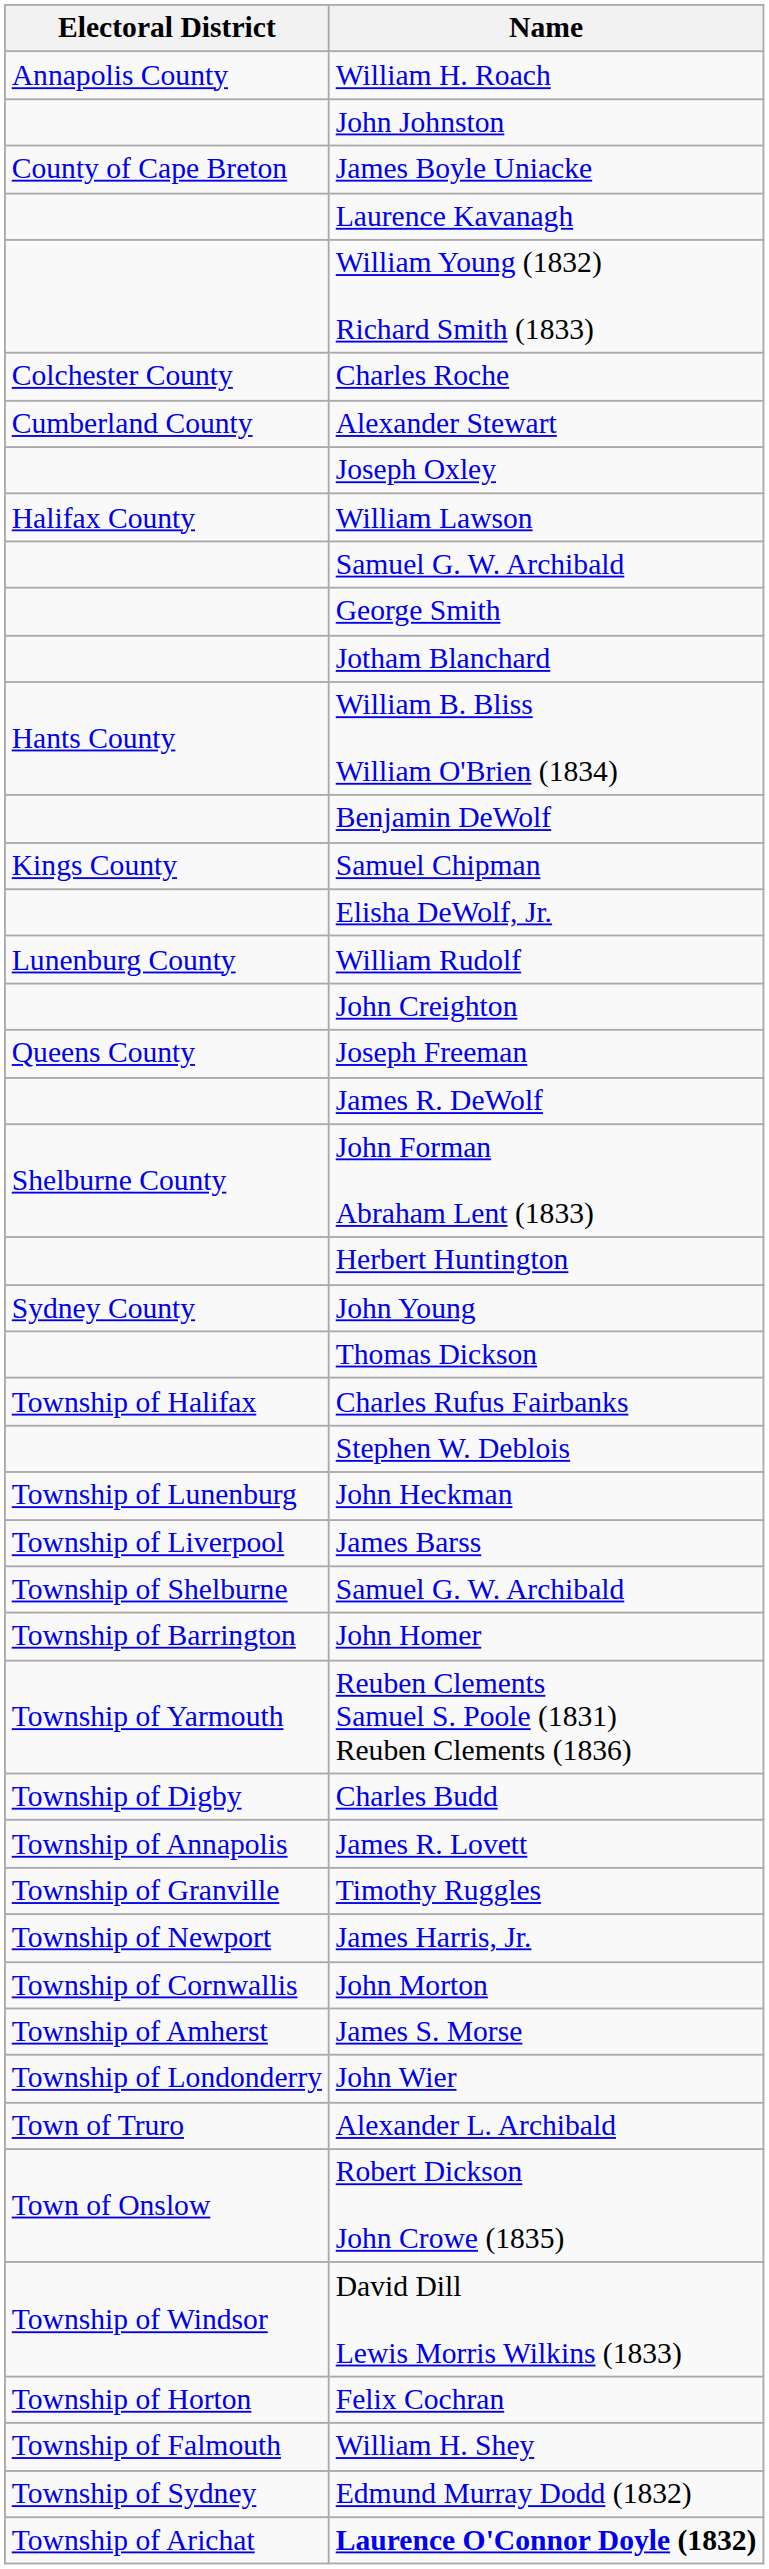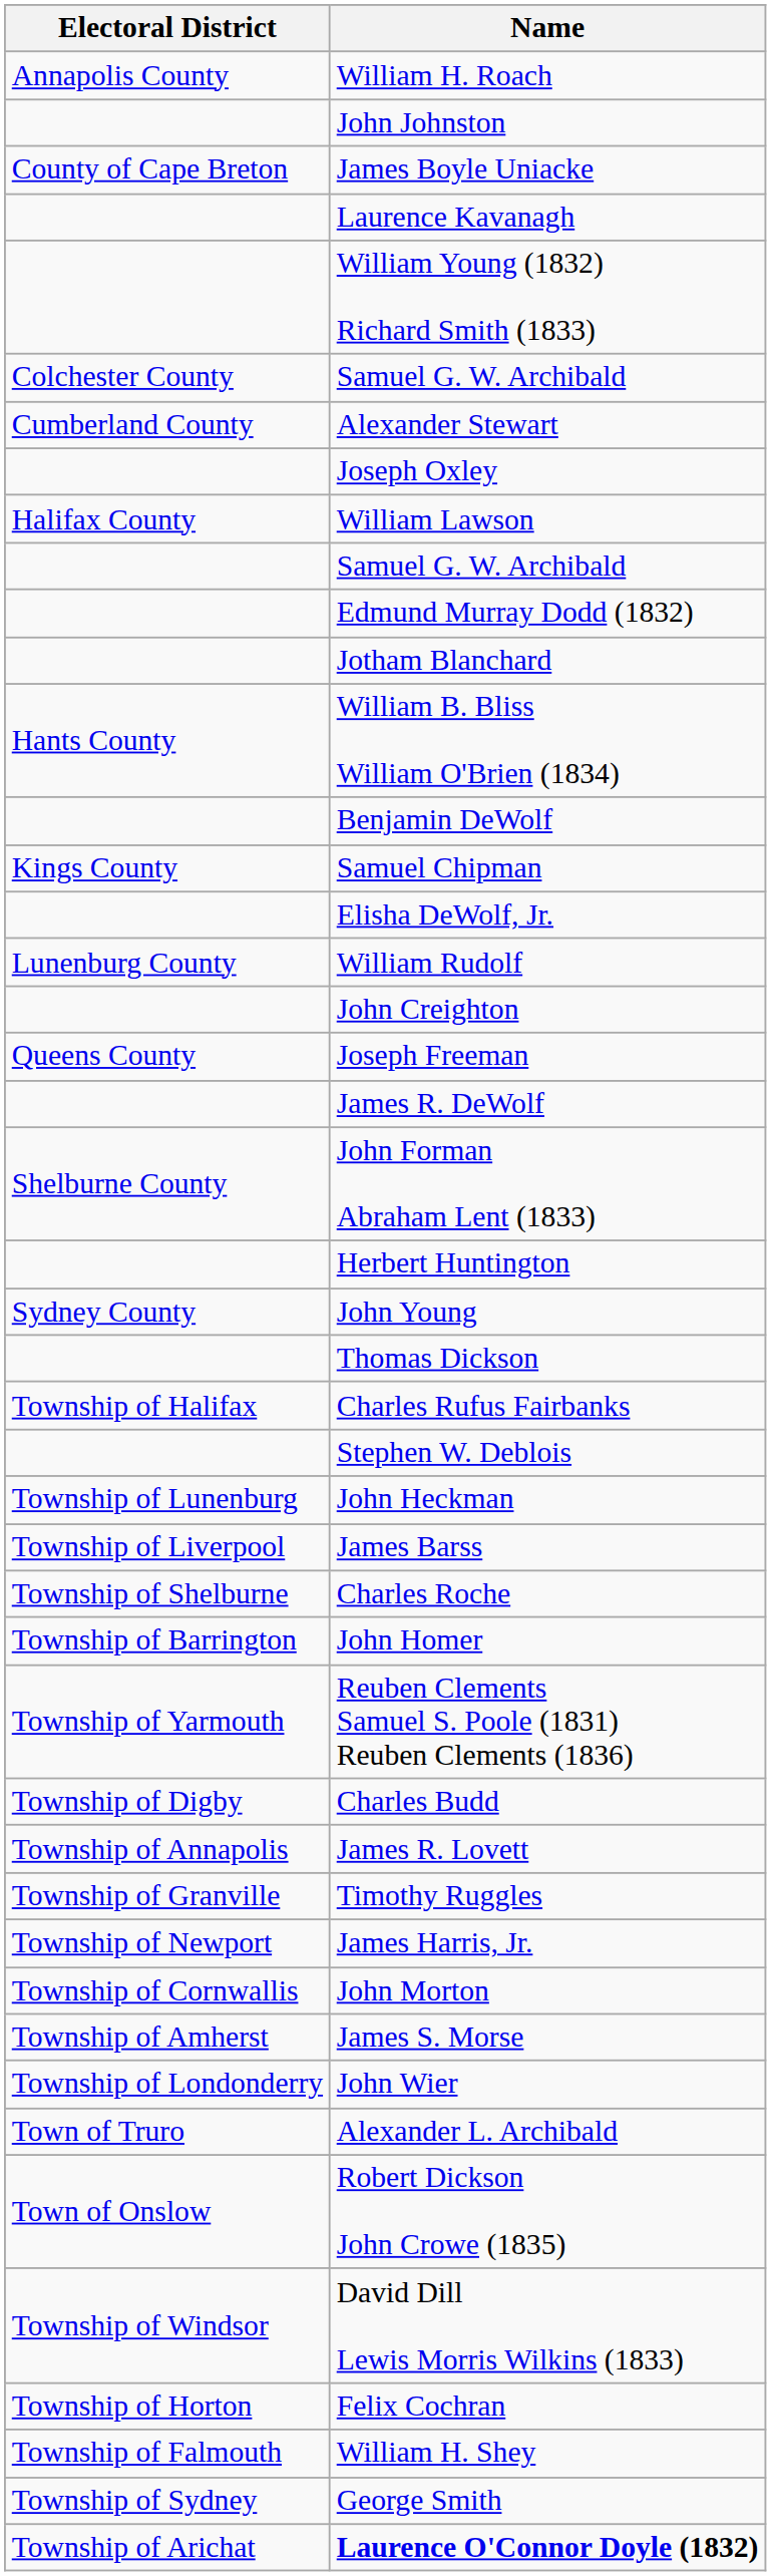 <table class="wikitable">
 <tr>
 <th>Electoral District</th>
 <th>Name</th>
 </tr>
 <tr>
 <td><a href='#'>Annapolis County</a></td>
 <td><a href='#'>William H. Roach</a></td>
 </tr>
 <tr>
 <td></td>
 <td><a href='#'>John Johnston</a></td>
 </tr>
 <tr>
 <td><a href='#'>County of Cape Breton</a></td>
 <td><a href='#'>James Boyle Uniacke</a></td>
 </tr>
 <tr>
 <td></td>
 <td><a href='#'>Laurence Kavanagh</a></td>
 </tr>
 <tr>
 <td></td>
 <td><a href='#'>William Young</a> (1832)<br><br><a href='#'>Richard Smith</a> (1833)</td>
 </tr>
 <tr>
 <td><a href='#'>Colchester County</a></td>
-<td><a href='#'>Charles Roche</a></td>
+<td><a href='#'>Samuel G. W. Archibald</a></td>
 </tr>
 <tr>
 <td><a href='#'>Cumberland County</a></td>
 <td><a href='#'>Alexander Stewart</a></td>
 </tr>
 <tr>
 <td></td>
 <td><a href='#'>Joseph Oxley</a></td>
 </tr>
 <tr>
 <td><a href='#'>Halifax County</a></td>
 <td><a href='#'>William Lawson</a></td>
 </tr>
 <tr>
 <td></td>
 <td><a href='#'>Samuel G. W. Archibald</a></td>
 </tr>
 <tr>
 <td></td>
-<td><a href='#'>George Smith</a></td>
+<td><a href='#'>Edmund Murray Dodd</a> (1832)</td>
 </tr>
 <tr>
 <td></td>
 <td><a href='#'>Jotham Blanchard</a></td>
 </tr>
 <tr>
 <td><a href='#'>Hants County</a></td>
 <td><a href='#'>William B. Bliss</a><br><br><a href='#'>William O'Brien</a> (1834)</td>
 </tr>
 <tr>
 <td></td>
 <td><a href='#'>Benjamin DeWolf</a></td>
 </tr>
 <tr>
 <td><a href='#'>Kings County</a></td>
 <td><a href='#'>Samuel Chipman</a></td>
 </tr>
 <tr>
 <td></td>
 <td><a href='#'>Elisha DeWolf, Jr.</a></td>
 </tr>
 <tr>
 <td><a href='#'>Lunenburg County</a></td>
 <td><a href='#'>William Rudolf</a></td>
 </tr>
 <tr>
 <td></td>
 <td><a href='#'>John Creighton</a></td>
 </tr>
 <tr>
 <td><a href='#'>Queens County</a></td>
 <td><a href='#'>Joseph Freeman</a></td>
 </tr>
 <tr>
 <td></td>
 <td><a href='#'>James R. DeWolf</a></td>
 </tr>
 <tr>
 <td><a href='#'>Shelburne County</a></td>
 <td><a href='#'>John Forman</a><br><br><a href='#'>Abraham Lent</a> (1833)</td>
 </tr>
 <tr>
 <td></td>
 <td><a href='#'>Herbert Huntington</a></td>
 </tr>
 <tr>
 <td><a href='#'>Sydney County</a></td>
 <td><a href='#'>John Young</a></td>
 </tr>
 <tr>
 <td></td>
 <td><a href='#'>Thomas Dickson</a></td>
 </tr>
 <tr>
 <td><a href='#'>Township of Halifax</a></td>
 <td><a href='#'>Charles Rufus Fairbanks</a></td>
 </tr>
 <tr>
 <td></td>
 <td><a href='#'>Stephen W. Deblois</a></td>
 </tr>
 <tr>
 <td><a href='#'>Township of Lunenburg</a></td>
 <td><a href='#'>John Heckman</a></td>
 </tr>
 <tr>
 <td><a href='#'>Township of Liverpool</a></td>
 <td><a href='#'>James Barss</a></td>
 </tr>
 <tr>
 <td><a href='#'>Township of Shelburne</a></td>
-<td><a href='#'>Samuel G. W. Archibald</a></td>
+<td><a href='#'>Charles Roche</a></td>
 </tr>
 <tr>
 <td><a href='#'>Township of Barrington</a></td>
 <td><a href='#'>John Homer</a></td>
 </tr>
 <tr>
 <td><a href='#'>Township of Yarmouth</a></td>
 <td><a href='#'>Reuben Clements</a><br><a href='#'>Samuel S. Poole</a> (1831)<br> Reuben Clements (1836)</td>
 </tr>
 <tr>
 <td><a href='#'>Township of Digby</a></td>
 <td><a href='#'>Charles Budd</a></td>
 </tr>
 <tr>
 <td><a href='#'>Township of Annapolis</a></td>
 <td><a href='#'>James R. Lovett</a></td>
 </tr>
 <tr>
 <td><a href='#'>Township of Granville</a></td>
 <td><a href='#'>Timothy Ruggles</a></td>
 </tr>
 <tr>
 <td><a href='#'>Township of Newport</a></td>
 <td><a href='#'>James Harris, Jr.</a></td>
 </tr>
 <tr>
 <td><a href='#'>Township of Cornwallis</a></td>
 <td><a href='#'>John Morton</a></td>
 </tr>
 <tr>
 <td><a href='#'>Township of Amherst</a></td>
 <td><a href='#'>James S. Morse</a></td>
 </tr>
 <tr>
 <td><a href='#'>Township of Londonderry</a></td>
 <td><a href='#'>John Wier</a></td>
 </tr>
 <tr>
 <td><a href='#'>Town of Truro</a></td>
 <td><a href='#'>Alexander L. Archibald</a></td>
 </tr>
 <tr>
 <td><a href='#'>Town of Onslow</a></td>
 <td><a href='#'>Robert Dickson</a><br><br><a href='#'>John Crowe</a> (1835)</td>
 </tr>
 <tr>
 <td><a href='#'>Township of Windsor</a></td>
 <td>David Dill<br><br><a href='#'>Lewis Morris Wilkins</a> (1833)</td>
 </tr>
 <tr>
 <td><a href='#'>Township of Horton</a></td>
 <td><a href='#'>Felix Cochran</a></td>
 </tr>
 <tr>
 <td><a href='#'>Township of Falmouth</a></td>
 <td><a href='#'>William H. Shey</a></td>
 </tr>
 <tr>
 <td><a href='#'>Township of Sydney</a></td>
-<td><a href='#'>Edmund Murray Dodd</a> (1832)</td>
+<td><a href='#'>George Smith</a></td>
 </tr>
 <tr>
 <td><a href='#'>Township of Arichat</a></td>
 <td><strong><a href='#'>Laurence O'Connor Doyle</a> (1832)</strong></td>
 </tr>
 </table>
